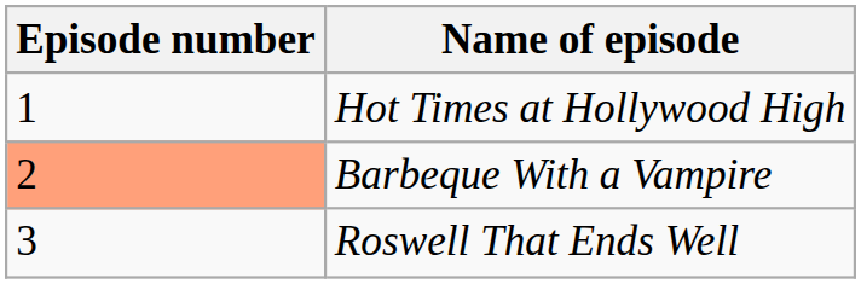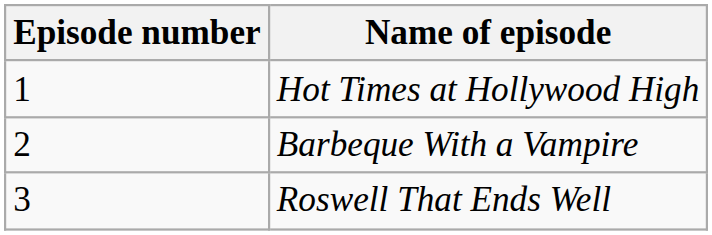 <table class="wikitable sortable">
 <tr>
 <th>Episode number</th>
 <th>Name of episode</th>
 </tr>
 <tr>
 <td>1</td>
 <td><em>Hot Times at Hollywood High</em></td>
 </tr>
 <tr>
-<td style="background: lightsalmon;">2</td>
+<td>2</td>
 <td><em>Barbeque With a Vampire</em></td>
 </tr>
 <tr>
 <td>3</td>
 <td><em>Roswell That Ends Well</em></td>
 </tr>
 </table>
